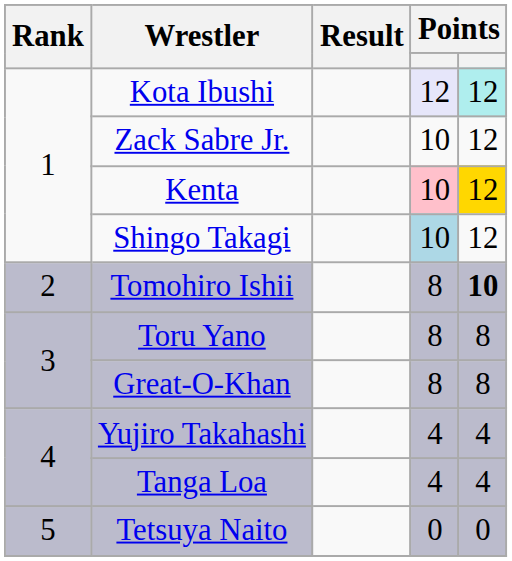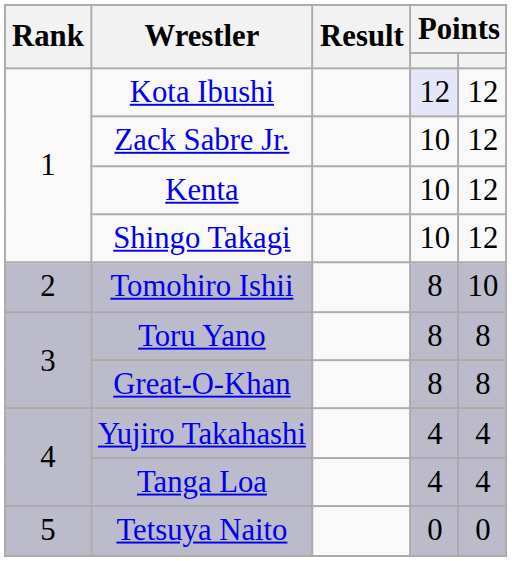 <table class="wikitable mw-collapsible mw-collapsed" plainrowheaders sortable" style="text-align: center">
 <tr>
 <th scope="col" rowspan="2">Rank</th>
 <th scope="col" rowspan="2">Wrestler</th>
 <th scope="col" rowspan="2">Result</th>
 <th scope="col" colspan="2">Points</th>
 </tr>
 <tr>
 <th></th>
 <th></th>
 </tr>
 <tr>
 <td rowspan="4">1</td>
 <td><a href='#'>Kota Ibushi</a></td>
 <td></td>
 <td style="background: lavender;">12</td>
-<td style="background: paleturquoise;">12</td>
+<td>12</td>
 </tr>
 <tr>
 <td><a href='#'>Zack Sabre Jr.</a></td>
 <td></td>
 <td>10</td>
 <td>12</td>
 </tr>
 <tr>
 <td><a href='#'>Kenta</a></td>
 <td></td>
-<td style="background: pink;">10</td>
-<td style="background: gold;">12</td>
+<td>10</td>
+<td>12</td>
 </tr>
 <tr>
 <td><a href='#'>Shingo Takagi</a></td>
 <td></td>
-<td style="background: lightblue;">10</td>
+<td>10</td>
 <td>12</td>
 </tr>
 <tr>
 <td style="background: #BBBBCC;">2</td>
 <td style="background: #BBBBCC;"><a href='#'>Tomohiro Ishii</a></td>
 <td></td>
 <td style="background: #BBBBCC;">8</td>
-<td style="background: #BBBBCC;"><strong>10</strong></td>
+<td style="background: #BBBBCC;">10</td>
 </tr>
 <tr>
 <td rowspan="2"  style="background: #BBBBCC;">3</td>
 <td style="background: #BBBBCC;"><a href='#'>Toru Yano</a></td>
 <td></td>
 <td style="background: #BBBBCC;">8</td>
 <td style="background: #BBBBCC;">8</td>
 </tr>
 <tr>
 <td style="background: #BBBBCC;"><a href='#'>Great-O-Khan</a></td>
 <td></td>
 <td style="background: #BBBBCC;">8</td>
 <td style="background: #BBBBCC;">8</td>
 </tr>
 <tr>
 <td rowspan="2"  style="background: #BBBBCC;">4</td>
 <td style="background: #BBBBCC;"><a href='#'>Yujiro Takahashi</a></td>
 <td></td>
 <td style="background: #BBBBCC;">4</td>
 <td style="background: #BBBBCC;">4</td>
 </tr>
 <tr>
 <td style="background: #BBBBCC;"><a href='#'>Tanga Loa</a></td>
 <td></td>
 <td style="background: #BBBBCC;">4</td>
 <td style="background: #BBBBCC;">4</td>
 </tr>
 <tr>
 <td style="background: #BBBBCC;">5</td>
 <td style="background: #BBBBCC;"><a href='#'>Tetsuya Naito</a></td>
 <td></td>
 <td style="background: #BBBBCC;">0</td>
 <td style="background: #BBBBCC;">0</td>
 </tr>
 <tr>
 </tr>
 </table>
